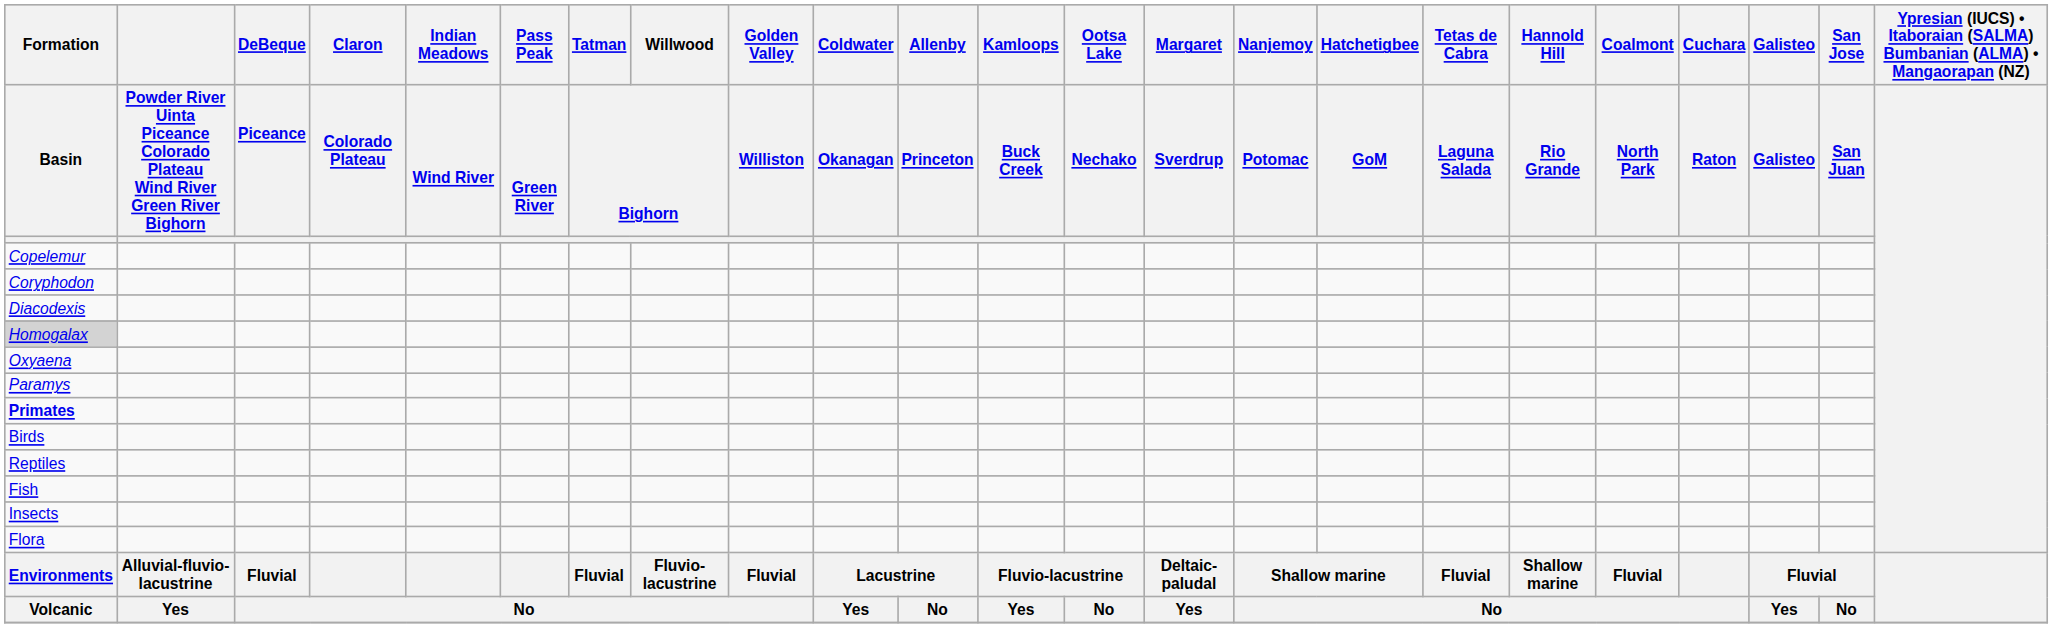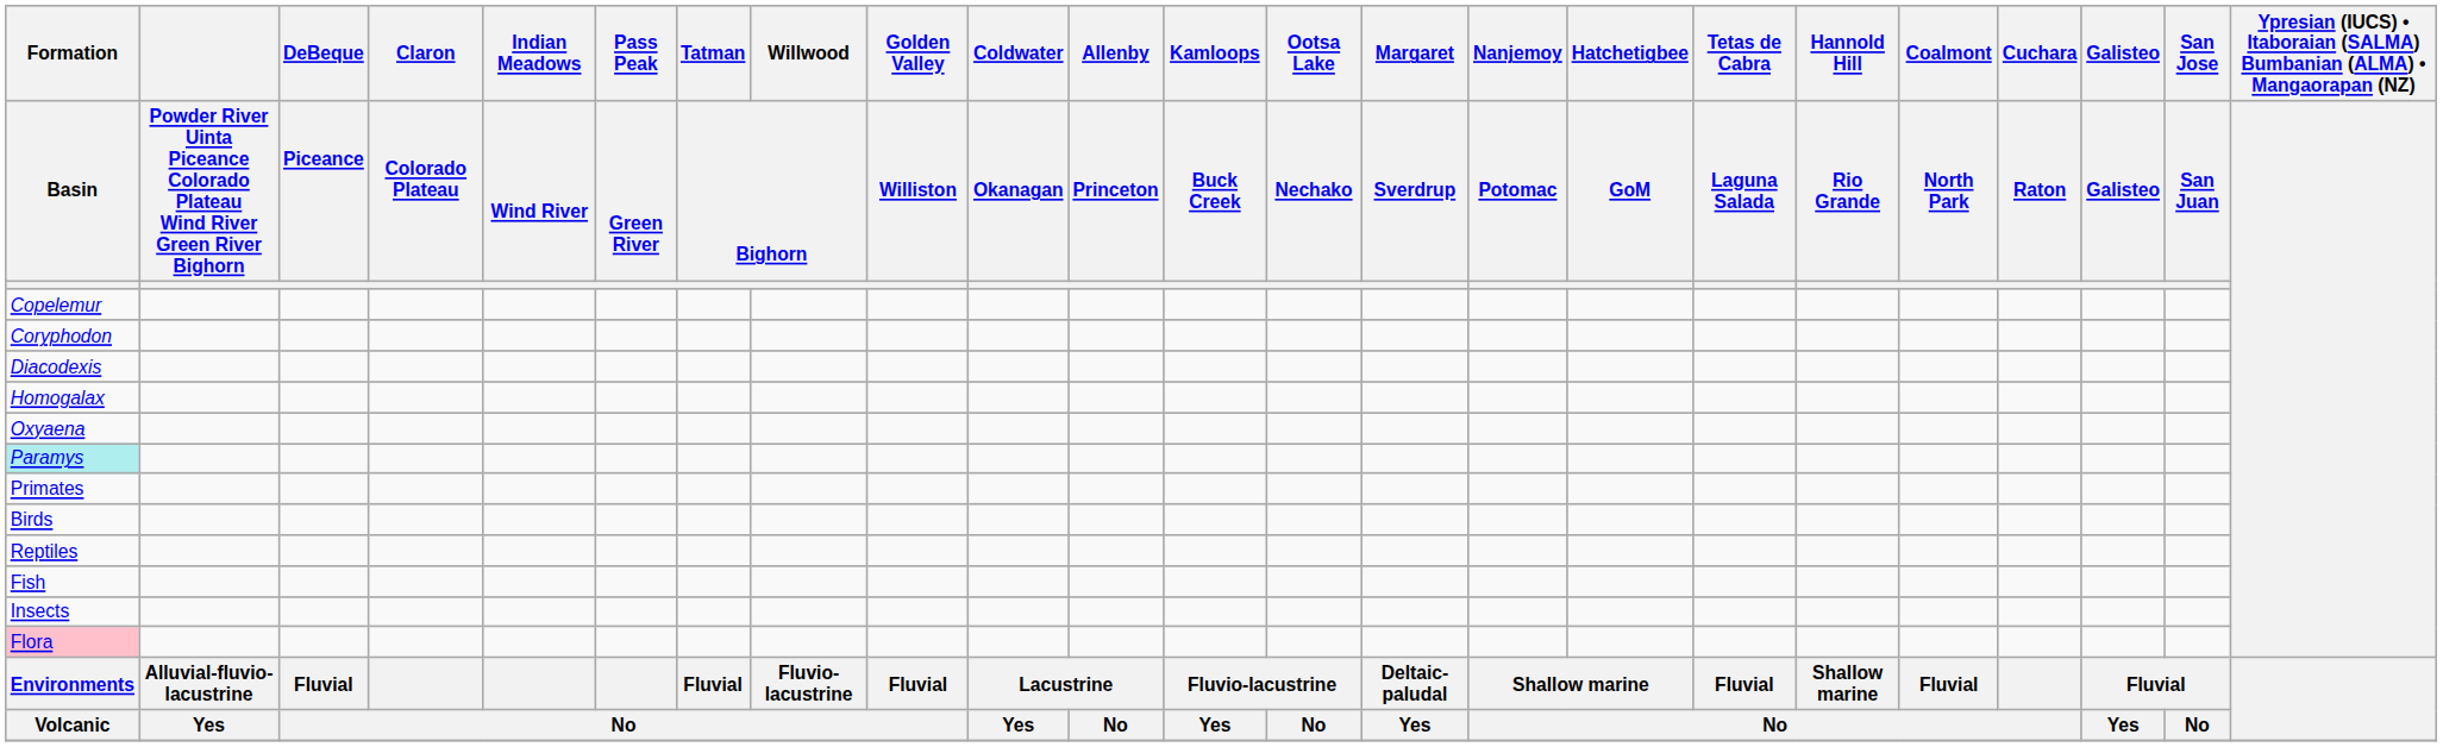 <table class="wikitable" style="font-size: 60%">
 <tr>
 <th>Formation</th>
 <th></th>
 <th><a href='#'>DeBeque</a></th>
 <th><a href='#'>Claron</a></th>
 <th><a href='#'>Indian Meadows</a></th>
 <th><a href='#'>Pass Peak</a></th>
 <th><a href='#'>Tatman</a></th>
 <th>Willwood</th>
 <th><a href='#'>Golden Valley</a></th>
 <th><a href='#'>Coldwater</a></th>
 <th><a href='#'>Allenby</a></th>
 <th><a href='#'>Kamloops</a></th>
 <th><a href='#'>Ootsa Lake</a></th>
 <th><a href='#'>Margaret</a></th>
 <th><a href='#'>Nanjemoy</a></th>
 <th><a href='#'>Hatchetigbee</a></th>
 <th><a href='#'>Tetas de Cabra</a></th>
 <th><a href='#'>Hannold Hill</a></th>
 <th><a href='#'>Coalmont</a></th>
 <th><a href='#'>Cuchara</a></th>
 <th><a href='#'>Galisteo</a></th>
 <th><a href='#'>San Jose</a></th>
 <th><a href='#'>Ypresian</a> (IUCS) • <a href='#'>Itaboraian</a> (<a href='#'>SALMA</a>)<br><a href='#'>Bumbanian</a> (<a href='#'>ALMA</a>) • <a href='#'>Mangaorapan</a> (NZ)</th>
 </tr>
 <tr>
 <th>Basin</th>
 <th><a href='#'>Powder River</a><br><a href='#'>Uinta</a><br><a href='#'>Piceance</a><br><a href='#'>Colorado Plateau</a><br><a href='#'>Wind River</a><br><a href='#'>Green River</a><br><a href='#'>Bighorn</a></th>
 <th><a href='#'>Piceance</a><br><br><br><br></th>
 <th><br><a href='#'>Colorado Plateau</a><br><br><br></th>
 <th><br><br><br><a href='#'>Wind River</a><br><br></th>
 <th><br><br><br><br><a href='#'>Green River</a><br></th>
 <th colspan=2><br><br><br><br><br><br><a href='#'>Bighorn</a></th>
 <th><a href='#'>Williston</a></th>
 <th><a href='#'>Okanagan</a></th>
 <th><a href='#'>Princeton</a></th>
 <th><a href='#'>Buck Creek</a></th>
 <th><a href='#'>Nechako</a></th>
 <th><a href='#'>Sverdrup</a></th>
 <th><a href='#'>Potomac</a></th>
 <th><a href='#'>GoM</a></th>
 <th><a href='#'>Laguna Salada</a></th>
 <th><a href='#'>Rio Grande</a></th>
 <th><a href='#'>North Park</a></th>
 <th><a href='#'>Raton</a></th>
 <th><a href='#'>Galisteo</a></th>
 <th><a href='#'>San Juan</a></th>
 <th align=center rowspan=14></th>
 </tr>
 <tr>
 <th></th>
 <th colspan=8></th>
 <th colspan=5></th>
 <th colspan=2></th>
 <th></th>
 <th colspan=5></th>
 </tr>
 <tr>
 <td><em><a href='#'>Copelemur</a></em></td>
 <td align=center></td>
 <td align=center></td>
 <td align=center></td>
 <td align=center></td>
 <td align=center></td>
 <td align=center></td>
 <td align=center></td>
 <td align=center></td>
 <td align=center></td>
 <td align=center></td>
 <td align=center></td>
 <td align=center></td>
 <td align=center></td>
 <td align=center></td>
 <td align=center></td>
 <td align=center></td>
 <td align=center></td>
 <td align=center></td>
 <td align=center></td>
 <td align=center></td>
 <td align=center></td>
 </tr>
 <tr>
 <td><em><a href='#'>Coryphodon</a></em></td>
 <td align=center></td>
 <td align=center></td>
 <td align=center></td>
 <td align=center></td>
 <td align=center></td>
 <td align=center></td>
 <td align=center></td>
 <td align=center></td>
 <td align=center></td>
 <td align=center></td>
 <td align=center></td>
 <td align=center></td>
 <td align=center></td>
 <td align=center></td>
 <td align=center></td>
 <td align=center></td>
 <td align=center></td>
 <td align=center></td>
 <td align=center></td>
 <td align=center></td>
 <td align=center></td>
 </tr>
 <tr>
 <td><em><a href='#'>Diacodexis</a></em></td>
 <td align=center></td>
 <td align=center></td>
 <td align=center></td>
 <td align=center></td>
 <td align=center></td>
 <td align=center></td>
 <td align=center></td>
 <td align=center></td>
 <td align=center></td>
 <td align=center></td>
 <td align=center></td>
 <td align=center></td>
 <td align=center></td>
 <td align=center></td>
 <td align=center></td>
 <td align=center></td>
 <td align=center></td>
 <td align=center></td>
 <td align=center></td>
 <td align=center></td>
 <td align=center></td>
 </tr>
 <tr>
-<td style="background: lightgrey;"><em><a href='#'>Homogalax</a></em></td>
+<td><em><a href='#'>Homogalax</a></em></td>
 <td align=center></td>
 <td align=center></td>
 <td align=center></td>
 <td align=center></td>
 <td align=center></td>
 <td align=center></td>
 <td align=center></td>
 <td align=center></td>
 <td align=center></td>
 <td align=center></td>
 <td align=center></td>
 <td align=center></td>
 <td align=center></td>
 <td align=center></td>
 <td align=center></td>
 <td align=center></td>
 <td align=center></td>
 <td align=center></td>
 <td align=center></td>
 <td align=center></td>
 <td align=center></td>
 </tr>
 <tr>
 <td><em><a href='#'>Oxyaena</a></em></td>
 <td align=center></td>
 <td align=center></td>
 <td align=center></td>
 <td align=center></td>
 <td align=center></td>
 <td align=center></td>
 <td align=center></td>
 <td align=center></td>
 <td align=center></td>
 <td align=center></td>
 <td align=center></td>
 <td align=center></td>
 <td align=center></td>
 <td align=center></td>
 <td align=center></td>
 <td align=center></td>
 <td align=center></td>
 <td align=center></td>
 <td align=center></td>
 <td align=center></td>
 <td align=center></td>
 </tr>
 <tr>
-<td><em><a href='#'>Paramys</a></em></td>
+<td style="background: paleturquoise;"><em><a href='#'>Paramys</a></em></td>
 <td align=center></td>
 <td align=center></td>
 <td align=center></td>
 <td align=center></td>
 <td align=center></td>
 <td align=center></td>
 <td align=center></td>
 <td align=center></td>
 <td align=center></td>
 <td align=center></td>
 <td align=center></td>
 <td align=center></td>
 <td align=center></td>
 <td align=center></td>
 <td align=center></td>
 <td align=center></td>
 <td align=center></td>
 <td align=center></td>
 <td align=center></td>
 <td align=center></td>
 <td align=center></td>
 </tr>
 <tr>
-<td><strong><a href='#'>Primates</a></strong></td>
+<td><a href='#'>Primates</a></td>
 <td align=center></td>
 <td align=center></td>
 <td align=center></td>
 <td align=center></td>
 <td align=center></td>
 <td align=center></td>
 <td align=center></td>
 <td align=center></td>
 <td align=center></td>
 <td align=center></td>
 <td align=center></td>
 <td align=center></td>
 <td align=center></td>
 <td align=center></td>
 <td align=center></td>
 <td align=center></td>
 <td align=center></td>
 <td align=center></td>
 <td align=center></td>
 <td align=center></td>
 <td align=center></td>
 </tr>
 <tr>
 <td><a href='#'>Birds</a></td>
 <td align=center></td>
 <td align=center></td>
 <td align=center></td>
 <td align=center></td>
 <td align=center></td>
 <td align=center></td>
 <td align=center></td>
 <td align=center></td>
 <td align=center></td>
 <td align=center></td>
 <td align=center></td>
 <td align=center></td>
 <td align=center></td>
 <td align=center></td>
 <td align=center></td>
 <td align=center></td>
 <td align=center></td>
 <td align=center></td>
 <td align=center></td>
 <td align=center></td>
 <td align=center></td>
 </tr>
 <tr>
 <td><a href='#'>Reptiles</a></td>
 <td align=center></td>
 <td align=center></td>
 <td align=center></td>
 <td align=center></td>
 <td align=center></td>
 <td align=center></td>
 <td align=center></td>
 <td align=center></td>
 <td align=center></td>
 <td align=center></td>
 <td align=center></td>
 <td align=center></td>
 <td align=center></td>
 <td align=center></td>
 <td align=center></td>
 <td align=center></td>
 <td align=center></td>
 <td align=center></td>
 <td align=center></td>
 <td align=center></td>
 <td align=center></td>
 </tr>
 <tr>
 <td><a href='#'>Fish</a></td>
 <td align=center></td>
 <td align=center></td>
 <td align=center></td>
 <td align=center></td>
 <td align=center></td>
 <td align=center></td>
 <td align=center></td>
 <td align=center></td>
 <td align=center></td>
 <td align=center></td>
 <td align=center></td>
 <td align=center></td>
 <td align=center></td>
 <td align=center></td>
 <td align=center></td>
 <td align=center></td>
 <td align=center></td>
 <td align=center></td>
 <td align=center></td>
 <td align=center></td>
 <td align=center></td>
 </tr>
 <tr>
 <td><a href='#'>Insects</a></td>
 <td align=center></td>
 <td align=center></td>
 <td align=center></td>
 <td align=center></td>
 <td align=center></td>
 <td align=center></td>
 <td align=center></td>
 <td align=center></td>
 <td align=center></td>
 <td align=center></td>
 <td align=center></td>
 <td align=center></td>
 <td align=center></td>
 <td align=center></td>
 <td align=center></td>
 <td align=center></td>
 <td align=center></td>
 <td align=center></td>
 <td align=center></td>
 <td align=center></td>
 <td align=center></td>
 </tr>
 <tr>
-<td><a href='#'>Flora</a></td>
+<td style="background: pink;"><a href='#'>Flora</a></td>
 <td align=center></td>
 <td align=center></td>
 <td align=center></td>
 <td align=center></td>
 <td align=center></td>
 <td align=center></td>
 <td align=center></td>
 <td align=center></td>
 <td align=center></td>
 <td align=center></td>
 <td align=center></td>
 <td align=center></td>
 <td align=center></td>
 <td align=center></td>
 <td align=center></td>
 <td align=center></td>
 <td align=center></td>
 <td align=center></td>
 <td align=center></td>
 <td align=center></td>
 <td align=center></td>
 </tr>
 <tr>
 <th><a href='#'>Environments</a></th>
 <th>Alluvial-fluvio-lacustrine</th>
 <th>Fluvial</th>
 <th></th>
 <th></th>
 <th></th>
 <th>Fluvial</th>
 <th>Fluvio-lacustrine</th>
 <th>Fluvial</th>
 <th colspan=2>Lacustrine</th>
 <th colspan=2>Fluvio-lacustrine</th>
 <th>Deltaic-paludal</th>
 <th colspan=2>Shallow marine</th>
 <th>Fluvial</th>
 <th>Shallow marine</th>
 <th>Fluvial</th>
 <th></th>
 <th colspan=2>Fluvial</th>
 <th rowspan=2 align=left><br><br></th>
 </tr>
 <tr>
 <th>Volcanic</th>
 <th>Yes</th>
 <th colspan=7>No</th>
 <th>Yes</th>
 <th>No</th>
 <th>Yes</th>
 <th>No</th>
 <th>Yes</th>
 <th colspan=6>No</th>
 <th>Yes</th>
 <th>No</th>
 </tr>
 <tr>
 </tr>
 </table>
